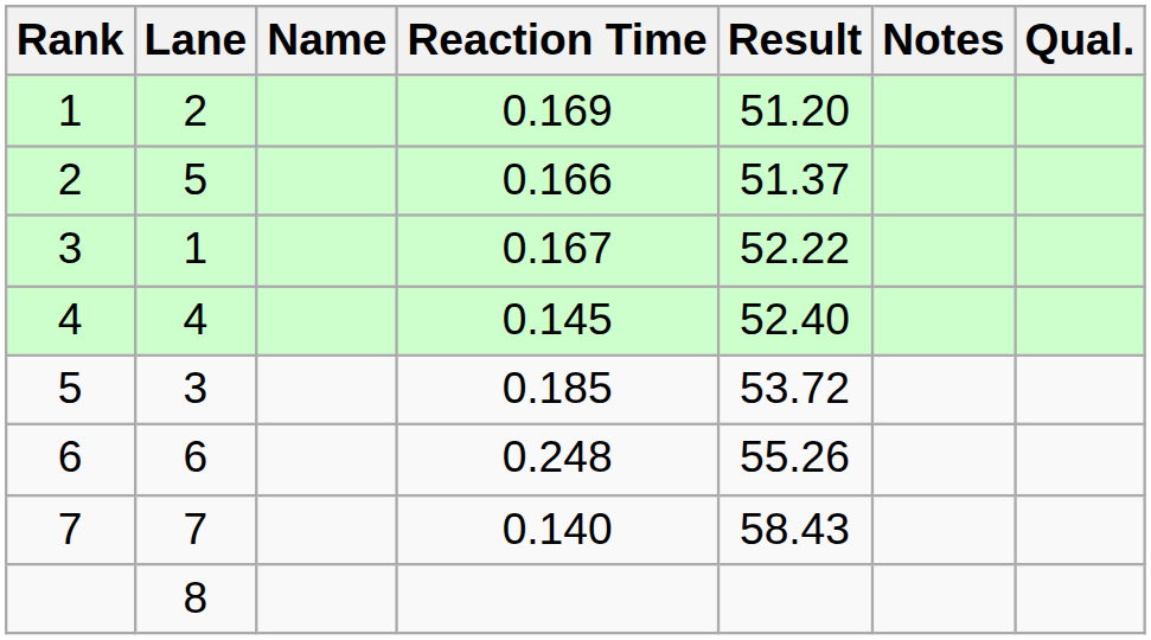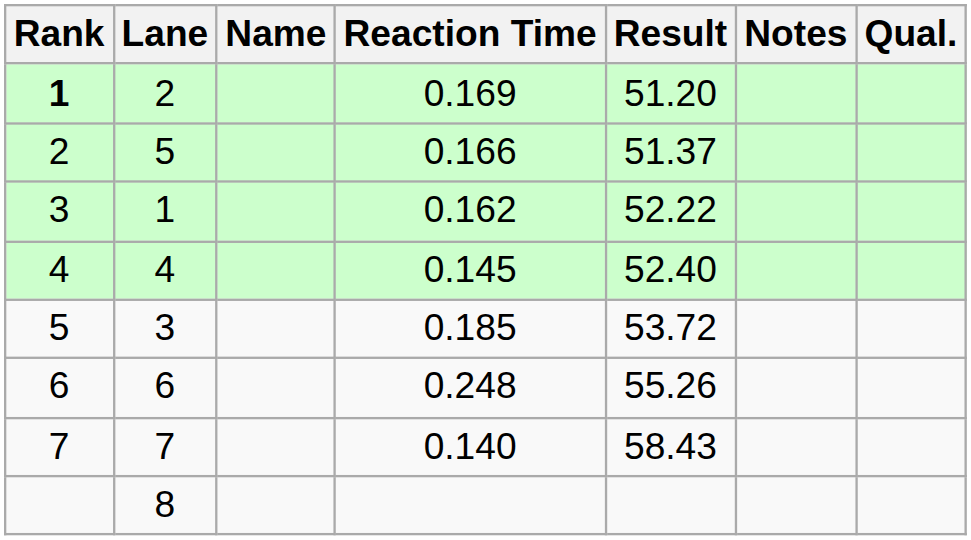 <table class="wikitable sortable" style="text-align:center">
 <tr>
 <th>Rank</th>
 <th>Lane</th>
 <th>Name</th>
 <th>Reaction Time</th>
 <th>Result</th>
 <th>Notes</th>
 <th>Qual.</th>
 </tr>
 <tr bgcolor=ccffcc>
-<td>1</td>
+<td><strong>1</strong></td>
 <td>2</td>
 <td align="left"></td>
 <td>0.169</td>
 <td>51.20</td>
 <td></td>
 <td></td>
 </tr>
 <tr bgcolor=ccffcc>
 <td>2</td>
 <td>5</td>
 <td align="left"></td>
 <td>0.166</td>
 <td>51.37</td>
 <td></td>
 <td></td>
 </tr>
 <tr bgcolor=ccffcc>
 <td>3</td>
 <td>1</td>
 <td align="left"></td>
-<td>0.167</td>
+<td>0.162</td>
 <td>52.22</td>
 <td></td>
 <td></td>
 </tr>
 <tr bgcolor=ccffcc>
 <td>4</td>
 <td>4</td>
 <td align="left"></td>
 <td>0.145</td>
 <td>52.40</td>
 <td></td>
 <td></td>
 </tr>
 <tr>
 <td>5</td>
 <td>3</td>
 <td align="left"></td>
 <td>0.185</td>
 <td>53.72</td>
 <td></td>
 <td></td>
 </tr>
 <tr>
 <td>6</td>
 <td>6</td>
 <td align="left"></td>
 <td>0.248</td>
 <td>55.26</td>
 <td></td>
 <td></td>
 </tr>
 <tr>
 <td>7</td>
 <td>7</td>
 <td align="left"></td>
 <td>0.140</td>
 <td>58.43</td>
 <td></td>
 <td></td>
 </tr>
 <tr>
 <td></td>
 <td>8</td>
 <td align="left"></td>
 <td></td>
 <td></td>
 <td></td>
 <td></td>
 </tr>
 </table>
